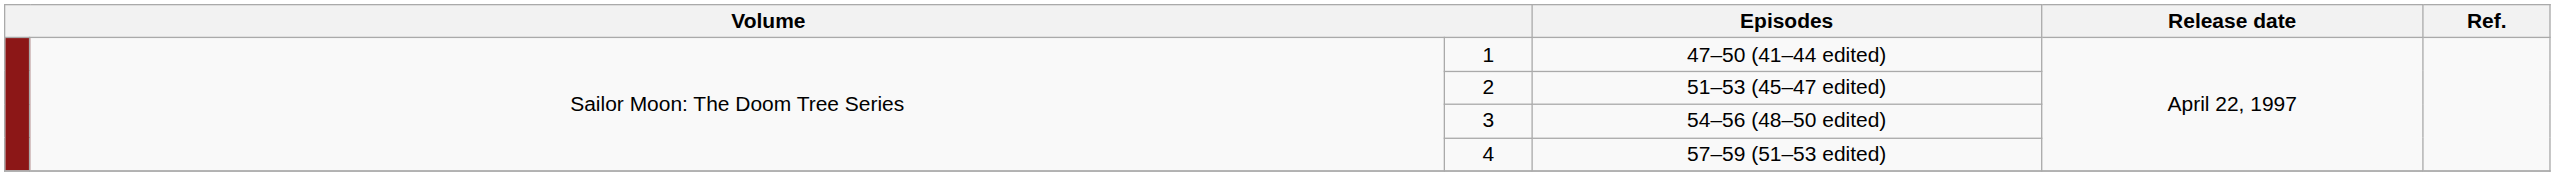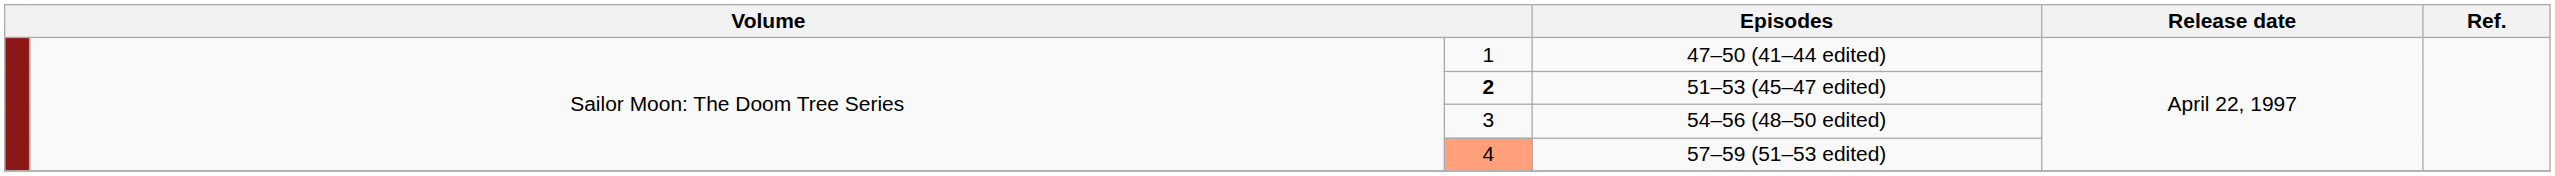 <table class="wikitable" style="text-align: center; width: 98%;">
 <tr>
 <th colspan="3">Volume</th>
 <th width="20%">Episodes</th>
 <th width="15%">Release date</th>
 <th width="5%">Ref.</th>
 </tr>
 <tr>
 <td rowspan="4" width="1%" style="background: #8C1717;"></td>
 <td rowspan="4">Sailor Moon: The Doom Tree Series</td>
 <td>1</td>
 <td>47–50 (41–44 edited)</td>
 <td rowspan="4">April 22, 1997</td>
 <td rowspan="4"></td>
 </tr>
 <tr>
-<td>2</td>
+<td><strong>2</strong></td>
 <td>51–53 (45–47 edited)</td>
 </tr>
 <tr>
 <td>3</td>
 <td>54–56 (48–50 edited)</td>
 </tr>
 <tr>
-<td>4</td>
+<td style="background: lightsalmon;">4</td>
 <td>57–59 (51–53 edited)</td>
 </tr>
 <tr>
 </tr>
 </table>
